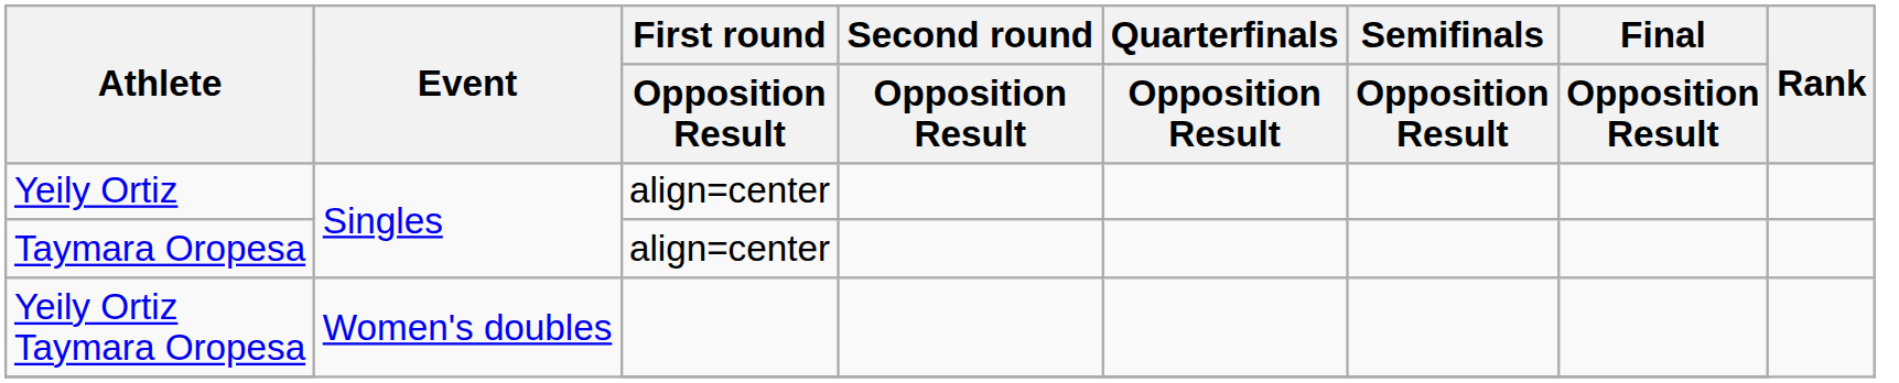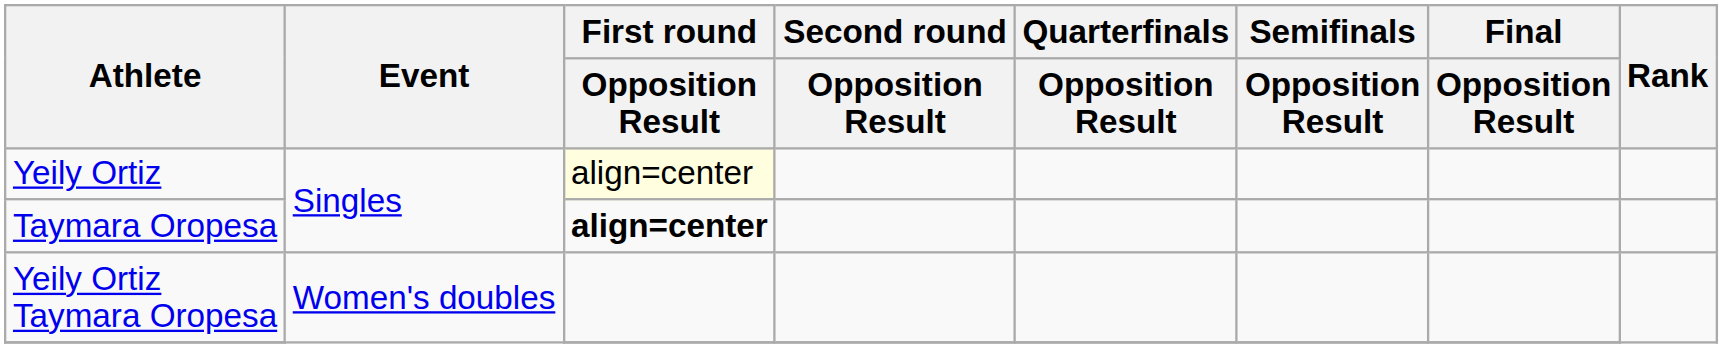 <table class="wikitable" style="font-size:90%">
 <tr>
 <th rowspan="2">Athlete</th>
 <th rowspan="2">Event</th>
 <th>First round</th>
 <th>Second round</th>
 <th>Quarterfinals</th>
 <th>Semifinals</th>
 <th>Final</th>
 <th rowspan="2">Rank</th>
 </tr>
 <tr>
 <th>Opposition<br>Result</th>
 <th>Opposition<br>Result</th>
 <th>Opposition<br>Result</th>
 <th>Opposition<br>Result</th>
 <th>Opposition<br>Result</th>
 </tr>
 <tr>
 <td><a href='#'>Yeily Ortiz</a></td>
 <td rowspan=2><a href='#'>Singles</a></td>
-<td>align=center </td>
+<td style="background: lightyellow;">align=center </td>
 <td></td>
 <td></td>
 <td></td>
 <td></td>
 <td></td>
 </tr>
 <tr>
 <td><a href='#'>Taymara Oropesa</a></td>
-<td>align=center </td>
+<td><strong>align=center </strong></td>
 <td></td>
 <td></td>
 <td></td>
 <td></td>
 <td></td>
 </tr>
 <tr>
 <td><a href='#'>Yeily Ortiz</a><br><a href='#'>Taymara Oropesa</a></td>
 <td rowspan=2><a href='#'>Women's doubles</a></td>
 <td><br></td>
 <td></td>
 <td></td>
 <td></td>
 <td></td>
 </tr>
 <tr>
 </tr>
 </table>
